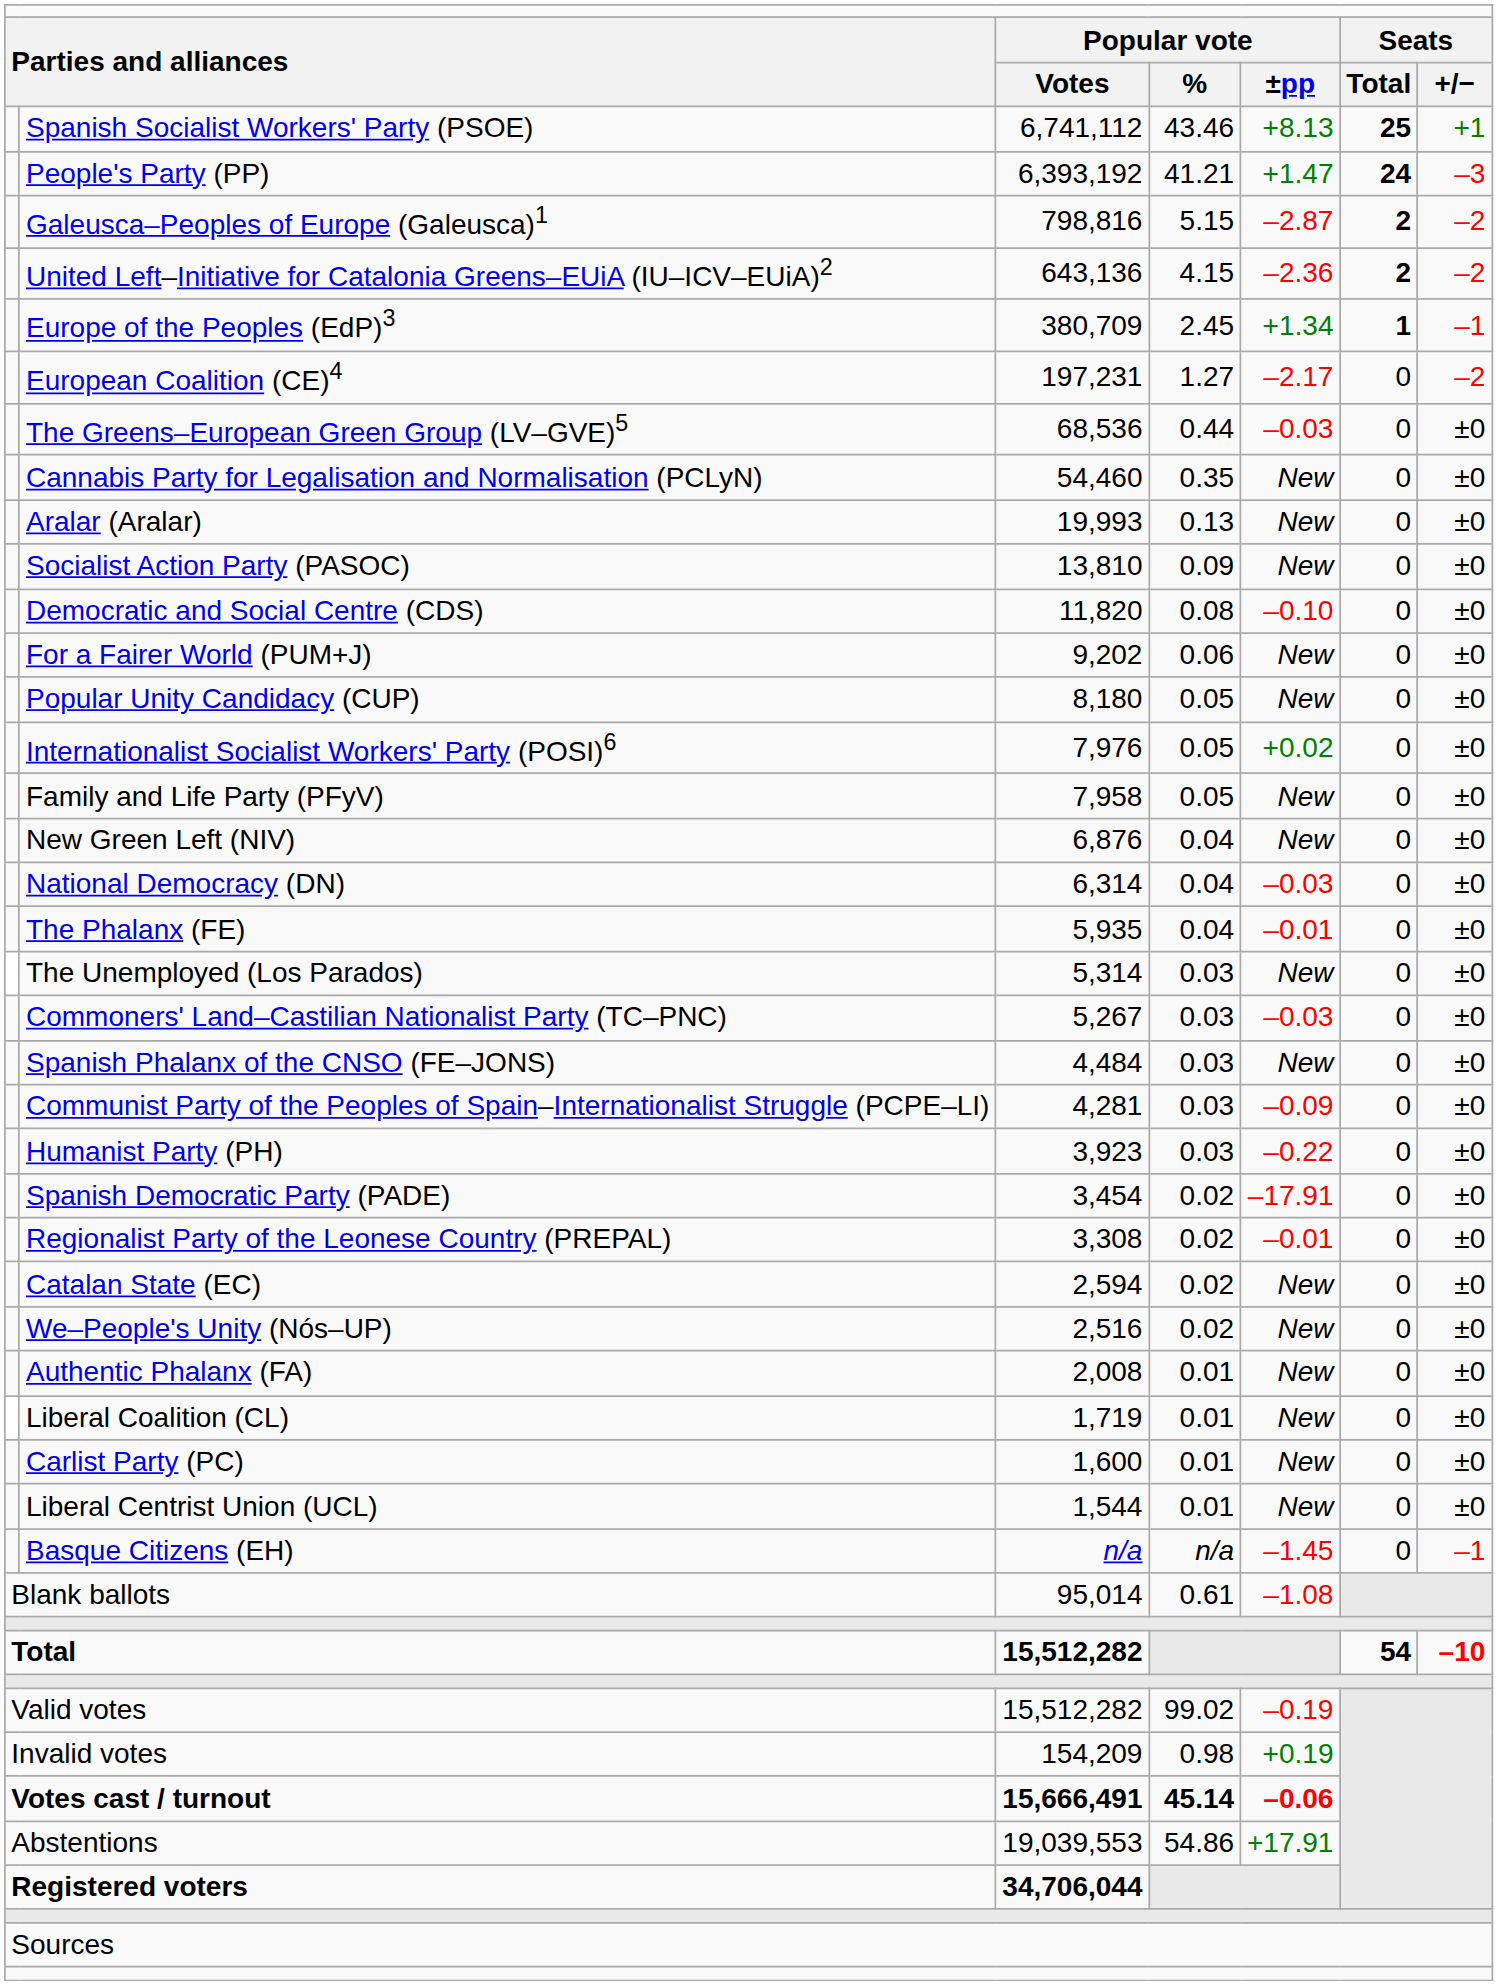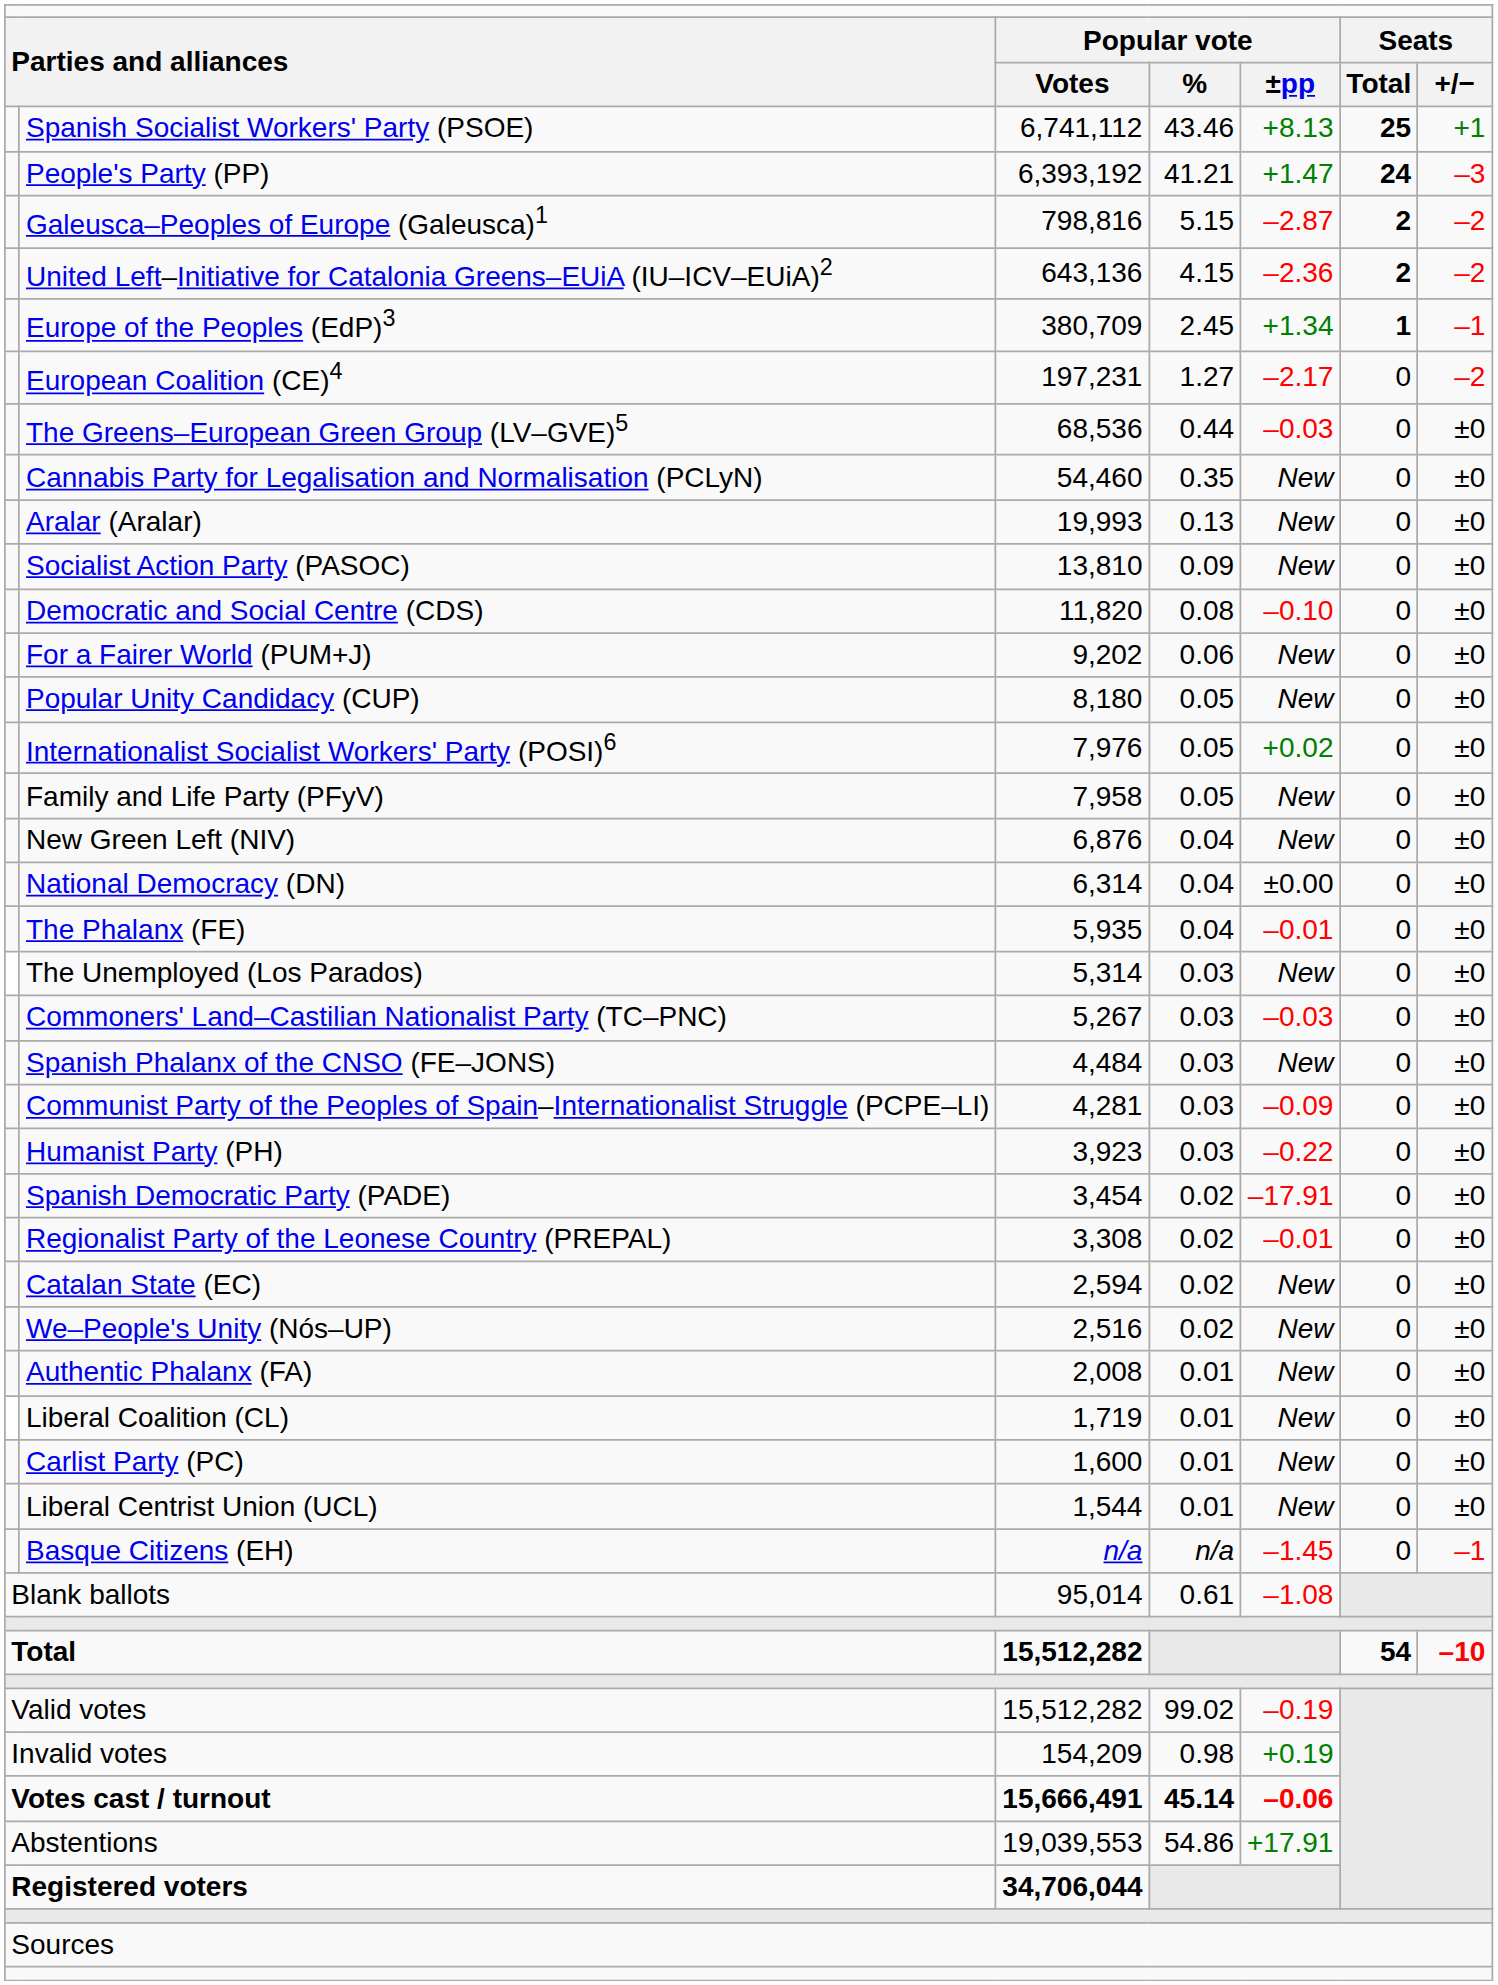 <table class="wikitable" style="text-align:right;">
 <tr>
 <td colspan="7"></td>
 </tr>
 <tr>
 <th style="text-align:left;" rowspan="2" colspan="2" width="525">Parties and alliances</th>
 <th colspan="3">Popular vote</th>
 <th colspan="2">Seats</th>
 </tr>
 <tr>
 <th width="75">Votes</th>
 <th width="45">%</th>
 <th width="45">±<a href='#'>pp</a></th>
 <th width="35">Total</th>
 <th width="35">+/−</th>
 </tr>
 <tr>
 <td width="1" style="color:inherit;background:"></td>
 <td align="left"><a href='#'>Spanish Socialist Workers' Party</a> (PSOE)</td>
 <td>6,741,112</td>
 <td>43.46</td>
 <td style="color:green;">+8.13</td>
 <td><strong>25</strong></td>
 <td style="color:green;">+1</td>
 </tr>
 <tr>
 <td style="color:inherit;background:"></td>
 <td align="left"><a href='#'>People's Party</a> (PP)</td>
 <td>6,393,192</td>
 <td>41.21</td>
 <td style="color:green;">+1.47</td>
 <td><strong>24</strong></td>
 <td style="color:red;">–3</td>
 </tr>
 <tr>
 <td style="color:inherit;background:"></td>
 <td align="left"><a href='#'>Galeusca–Peoples of Europe</a> (Galeusca)<sup>1</sup></td>
 <td>798,816</td>
 <td>5.15</td>
 <td style="color:red;">–2.87</td>
 <td><strong>2</strong></td>
 <td style="color:red;">–2</td>
 </tr>
 <tr>
 <td style="color:inherit;background:"></td>
 <td align="left"><a href='#'>United Left</a>–<a href='#'>Initiative for Catalonia Greens–EUiA</a> (IU–ICV–EUiA)<sup>2</sup></td>
 <td>643,136</td>
 <td>4.15</td>
 <td style="color:red;">–2.36</td>
 <td><strong>2</strong></td>
 <td style="color:red;">–2</td>
 </tr>
 <tr>
 <td style="color:inherit;background:"></td>
 <td align="left"><a href='#'>Europe of the Peoples</a> (EdP)<sup>3</sup></td>
 <td>380,709</td>
 <td>2.45</td>
 <td style="color:green;">+1.34</td>
 <td><strong>1</strong></td>
 <td style="color:red;">–1</td>
 </tr>
 <tr>
 <td style="color:inherit;background:"></td>
 <td align="left"><a href='#'>European Coalition</a> (CE)<sup>4</sup></td>
 <td>197,231</td>
 <td>1.27</td>
 <td style="color:red;">–2.17</td>
 <td>0</td>
 <td style="color:red;">–2</td>
 </tr>
 <tr>
 <td style="color:inherit;background:"></td>
 <td align="left"><a href='#'>The Greens–European Green Group</a> (LV–GVE)<sup>5</sup></td>
 <td>68,536</td>
 <td>0.44</td>
 <td style="color:red;">–0.03</td>
 <td>0</td>
 <td>±0</td>
 </tr>
 <tr>
 <td style="color:inherit;background:"></td>
 <td align="left"><a href='#'>Cannabis Party for Legalisation and Normalisation</a> (PCLyN)</td>
 <td>54,460</td>
 <td>0.35</td>
 <td><em>New</em></td>
 <td>0</td>
 <td>±0</td>
 </tr>
 <tr>
 <td style="color:inherit;background:"></td>
 <td align="left"><a href='#'>Aralar</a> (Aralar)</td>
 <td>19,993</td>
 <td>0.13</td>
 <td><em>New</em></td>
 <td>0</td>
 <td>±0</td>
 </tr>
 <tr>
 <td style="color:inherit;background:"></td>
 <td align="left"><a href='#'>Socialist Action Party</a> (PASOC)</td>
 <td>13,810</td>
 <td>0.09</td>
 <td><em>New</em></td>
 <td>0</td>
 <td>±0</td>
 </tr>
 <tr>
 <td style="color:inherit;background:"></td>
 <td align="left"><a href='#'>Democratic and Social Centre</a> (CDS)</td>
 <td>11,820</td>
 <td>0.08</td>
 <td style="color:red;">–0.10</td>
 <td>0</td>
 <td>±0</td>
 </tr>
 <tr>
 <td style="color:inherit;background:"></td>
 <td align="left"><a href='#'>For a Fairer World</a> (PUM+J)</td>
 <td>9,202</td>
 <td>0.06</td>
 <td><em>New</em></td>
 <td>0</td>
 <td>±0</td>
 </tr>
 <tr>
 <td style="color:inherit;background:"></td>
 <td align="left"><a href='#'>Popular Unity Candidacy</a> (CUP)</td>
 <td>8,180</td>
 <td>0.05</td>
 <td><em>New</em></td>
 <td>0</td>
 <td>±0</td>
 </tr>
 <tr>
 <td style="color:inherit;background:"></td>
 <td align="left"><a href='#'>Internationalist Socialist Workers' Party</a> (POSI)<sup>6</sup></td>
 <td>7,976</td>
 <td>0.05</td>
 <td style="color:green;">+0.02</td>
 <td>0</td>
 <td>±0</td>
 </tr>
 <tr>
 <td style="color:inherit;background:"></td>
 <td align="left">Family and Life Party (PFyV)</td>
 <td>7,958</td>
 <td>0.05</td>
 <td><em>New</em></td>
 <td>0</td>
 <td>±0</td>
 </tr>
 <tr>
 <td style="color:inherit;background:"></td>
 <td align="left">New Green Left (NIV)</td>
 <td>6,876</td>
 <td>0.04</td>
 <td><em>New</em></td>
 <td>0</td>
 <td>±0</td>
 </tr>
 <tr>
 <td style="color:inherit;background:"></td>
 <td align="left"><a href='#'>National Democracy</a> (DN)</td>
 <td>6,314</td>
 <td>0.04</td>
-<td style="color:red;">–0.03</td>
+<td>±0.00</td>
 <td>0</td>
 <td>±0</td>
 </tr>
 <tr>
 <td style="color:inherit;background:"></td>
 <td align="left"><a href='#'>The Phalanx</a> (FE)</td>
 <td>5,935</td>
 <td>0.04</td>
 <td style="color:red;">–0.01</td>
 <td>0</td>
 <td>±0</td>
 </tr>
 <tr>
 <td bgcolor="white"></td>
 <td align="left">The Unemployed (Los Parados)</td>
 <td>5,314</td>
 <td>0.03</td>
 <td><em>New</em></td>
 <td>0</td>
 <td>±0</td>
 </tr>
 <tr>
 <td style="color:inherit;background:"></td>
 <td align="left"><a href='#'>Commoners' Land–Castilian Nationalist Party</a> (TC–PNC)</td>
 <td>5,267</td>
 <td>0.03</td>
 <td style="color:red;">–0.03</td>
 <td>0</td>
 <td>±0</td>
 </tr>
 <tr>
 <td style="color:inherit;background:"></td>
 <td align="left"><a href='#'>Spanish Phalanx of the CNSO</a> (FE–JONS)</td>
 <td>4,484</td>
 <td>0.03</td>
 <td><em>New</em></td>
 <td>0</td>
 <td>±0</td>
 </tr>
 <tr>
 <td style="color:inherit;background:"></td>
 <td align="left"><a href='#'>Communist Party of the Peoples of Spain</a>–<a href='#'>Internationalist Struggle</a> (PCPE–LI)</td>
 <td>4,281</td>
 <td>0.03</td>
 <td style="color:red;">–0.09</td>
 <td>0</td>
 <td>±0</td>
 </tr>
 <tr>
 <td style="color:inherit;background:"></td>
 <td align="left"><a href='#'>Humanist Party</a> (PH)</td>
 <td>3,923</td>
 <td>0.03</td>
 <td style="color:red;">–0.22</td>
 <td>0</td>
 <td>±0</td>
 </tr>
 <tr>
 <td style="color:inherit;background:"></td>
 <td align="left"><a href='#'>Spanish Democratic Party</a> (PADE)</td>
 <td>3,454</td>
 <td>0.02</td>
 <td style="color:red;">–17.91</td>
 <td>0</td>
 <td>±0</td>
 </tr>
 <tr>
 <td style="color:inherit;background:"></td>
 <td align="left"><a href='#'>Regionalist Party of the Leonese Country</a> (PREPAL)</td>
 <td>3,308</td>
 <td>0.02</td>
 <td style="color:red;">–0.01</td>
 <td>0</td>
 <td>±0</td>
 </tr>
 <tr>
 <td style="color:inherit;background:"></td>
 <td align="left"><a href='#'>Catalan State</a> (EC)</td>
 <td>2,594</td>
 <td>0.02</td>
 <td><em>New</em></td>
 <td>0</td>
 <td>±0</td>
 </tr>
 <tr>
 <td style="color:inherit;background:"></td>
 <td align="left"><a href='#'>We–People's Unity</a> (Nós–UP)</td>
 <td>2,516</td>
 <td>0.02</td>
 <td><em>New</em></td>
 <td>0</td>
 <td>±0</td>
 </tr>
 <tr>
 <td style="color:inherit;background:"></td>
 <td align="left"><a href='#'>Authentic Phalanx</a> (FA)</td>
 <td>2,008</td>
 <td>0.01</td>
 <td><em>New</em></td>
 <td>0</td>
 <td>±0</td>
 </tr>
 <tr>
 <td bgcolor="white"></td>
 <td align="left">Liberal Coalition (CL)</td>
 <td>1,719</td>
 <td>0.01</td>
 <td><em>New</em></td>
 <td>0</td>
 <td>±0</td>
 </tr>
 <tr>
 <td style="color:inherit;background:"></td>
 <td align="left"><a href='#'>Carlist Party</a> (PC)</td>
 <td>1,600</td>
 <td>0.01</td>
 <td><em>New</em></td>
 <td>0</td>
 <td>±0</td>
 </tr>
 <tr>
 <td style="color:inherit;background:"></td>
 <td align="left">Liberal Centrist Union (UCL)</td>
 <td>1,544</td>
 <td>0.01</td>
 <td><em>New</em></td>
 <td>0</td>
 <td>±0</td>
 </tr>
 <tr>
 <td style="color:inherit;background:"></td>
 <td align="left"><a href='#'>Basque Citizens</a> (EH)</td>
 <td><em><a href='#'>n/a</a></em></td>
 <td><em>n/a</em></td>
 <td style="color:red;">–1.45</td>
 <td>0</td>
 <td style="color:red;">–1</td>
 </tr>
 <tr>
 <td align="left" colspan="2">Blank ballots</td>
 <td>95,014</td>
 <td>0.61</td>
 <td style="color:red;">–1.08</td>
 <td bgcolor="#E9E9E9" colspan="2"></td>
 </tr>
 <tr>
 <td colspan="7" bgcolor="#E9E9E9"></td>
 </tr>
 <tr style="font-weight:bold;">
 <td align="left" colspan="2">Total</td>
 <td>15,512,282</td>
 <td bgcolor="#E9E9E9" colspan="2"></td>
 <td>54</td>
 <td style="color:red;">–10</td>
 </tr>
 <tr>
 <td colspan="7" bgcolor="#E9E9E9"></td>
 </tr>
 <tr>
 <td align="left" colspan="2">Valid votes</td>
 <td>15,512,282</td>
 <td>99.02</td>
 <td style="color:red;">–0.19</td>
 <td bgcolor="#E9E9E9" colspan="2" rowspan="5"></td>
 </tr>
 <tr>
 <td align="left" colspan="2">Invalid votes</td>
 <td>154,209</td>
 <td>0.98</td>
 <td style="color:green;">+0.19</td>
 </tr>
 <tr style="font-weight:bold;">
 <td align="left" colspan="2">Votes cast / turnout</td>
 <td>15,666,491</td>
 <td>45.14</td>
 <td style="color:red;">–0.06</td>
 </tr>
 <tr>
 <td align="left" colspan="2">Abstentions</td>
 <td>19,039,553</td>
 <td>54.86</td>
 <td style="color:green;">+17.91</td>
 </tr>
 <tr style="font-weight:bold;">
 <td align="left" colspan="2">Registered voters</td>
 <td>34,706,044</td>
 <td bgcolor="#E9E9E9" colspan="2"></td>
 </tr>
 <tr>
 <td colspan="7" bgcolor="#E9E9E9"></td>
 </tr>
 <tr>
 <td align="left" colspan="7">Sources</td>
 </tr>
 <tr>
 <td colspan="7" style="text-align:left; max-width:790px;"></td>
 </tr>
 </table>
